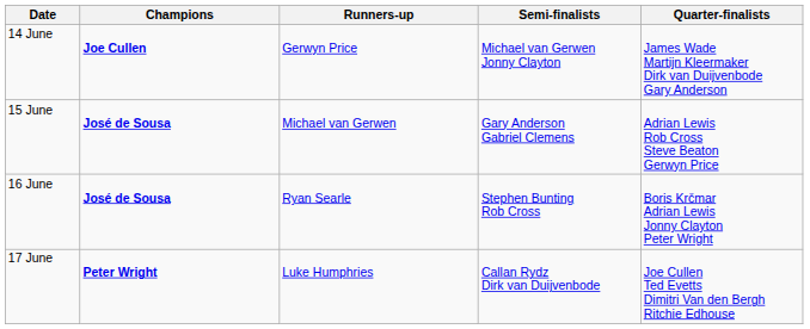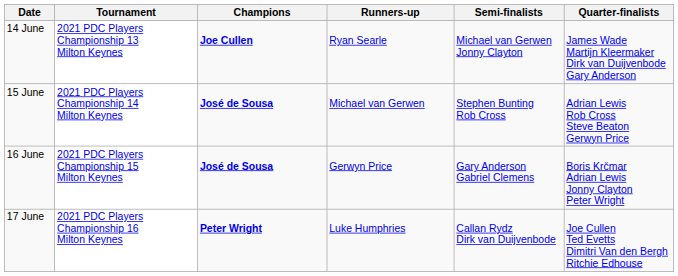 <table class=wikitable style=font-size:85%>
 <tr>
 <th width=75>Date</th>
+<th width=230>Tournament</th>
 <th width=210>Champions</th>
 <th width=210>Runners-up</th>
 <th width=170>Semi-finalists</th>
 <th width=170>Quarter-finalists</th>
 </tr>
 <tr valign="top">
 <td>14 June</td>
+<td bgcolor="#ffffff"><a href='#'>2021 PDC Players Championship 13</a><br> <a href='#'>Milton Keynes</a></td>
 <td><br> <strong><a href='#'>Joe Cullen</a></strong></td>
-<td><br> <a href='#'>Gerwyn Price</a></td>
+<td><br> <a href='#'>Ryan Searle</a></td>
 <td><br> <a href='#'>Michael van Gerwen</a> <br>  <a href='#'>Jonny Clayton</a></td>
 <td><br> <a href='#'>James Wade</a> <br>  <a href='#'>Martijn Kleermaker</a> <br>  <a href='#'>Dirk van Duijvenbode</a> <br>  <a href='#'>Gary Anderson</a></td>
 </tr>
 <tr valign="top">
 <td>15 June</td>
+<td bgcolor="#ffffff"><a href='#'>2021 PDC Players Championship 14</a><br> <a href='#'>Milton Keynes</a></td>
 <td><br> <strong><a href='#'>José de Sousa</a></strong></td>
 <td><br> <a href='#'>Michael van Gerwen</a></td>
-<td><br> <a href='#'>Gary Anderson</a> <br>  <a href='#'>Gabriel Clemens</a></td>
+<td><br> <a href='#'>Stephen Bunting</a> <br>  <a href='#'>Rob Cross</a></td>
 <td><br> <a href='#'>Adrian Lewis</a> <br>  <a href='#'>Rob Cross</a> <br>  <a href='#'>Steve Beaton</a> <br>  <a href='#'>Gerwyn Price</a></td>
 </tr>
 <tr valign="top">
 <td>16 June</td>
+<td bgcolor="#ffffff"><a href='#'>2021 PDC Players Championship 15</a><br> <a href='#'>Milton Keynes</a></td>
 <td><br> <strong><a href='#'>José de Sousa</a></strong></td>
-<td><br> <a href='#'>Ryan Searle</a></td>
-<td><br> <a href='#'>Stephen Bunting</a> <br>  <a href='#'>Rob Cross</a></td>
+<td><br> <a href='#'>Gerwyn Price</a></td>
+<td><br> <a href='#'>Gary Anderson</a> <br>  <a href='#'>Gabriel Clemens</a></td>
 <td><br> <a href='#'>Boris Krčmar</a> <br>  <a href='#'>Adrian Lewis</a> <br>  <a href='#'>Jonny Clayton</a> <br>  <a href='#'>Peter Wright</a></td>
 </tr>
 <tr valign="top">
 <td>17 June</td>
+<td bgcolor="#ffffff"><a href='#'>2021 PDC Players Championship 16</a><br> <a href='#'>Milton Keynes</a></td>
 <td><br> <strong><a href='#'>Peter Wright</a></strong></td>
 <td><br> <a href='#'>Luke Humphries</a></td>
 <td><br> <a href='#'>Callan Rydz</a> <br>  <a href='#'>Dirk van Duijvenbode</a></td>
 <td><br> <a href='#'>Joe Cullen</a> <br>  <a href='#'>Ted Evetts</a> <br>  <a href='#'>Dimitri Van den Bergh</a> <br>  <a href='#'>Ritchie Edhouse</a></td>
 </tr>
 </table>
